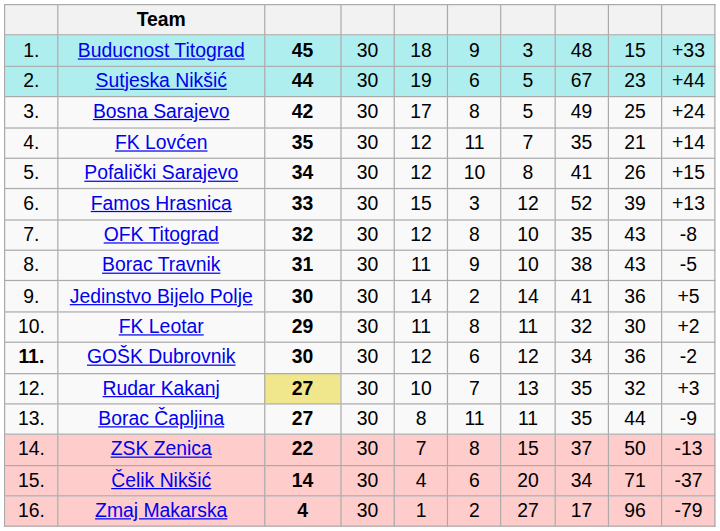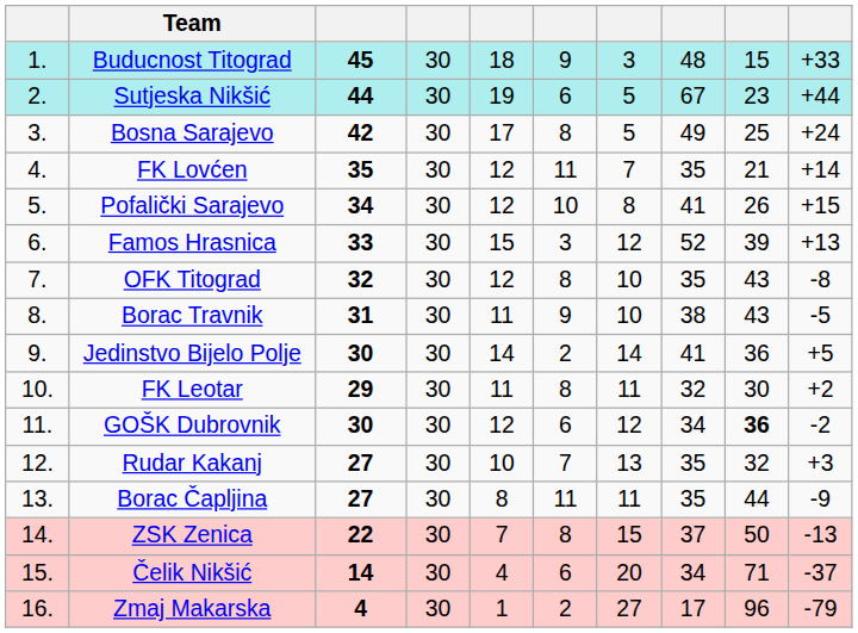 <table class="wikitable sortable" style="text-align: center; font-size: 100%;">
 <tr>
 <th width=7%></th>
 <th width=27%>Team</th>
 <th width=10%></th>
 <th width=7%></th>
 <th width=7%></th>
 <th width=7%></th>
 <th width=7%></th>
 <th width=7%></th>
 <th width=7%></th>
 <th width=7%></th>
 </tr>
 <tr style="background:#AFEEEE;">
 <td>1.</td>
 <td><a href='#'>Buducnost Titograd</a></td>
 <td><strong>45</strong></td>
 <td>30</td>
 <td>18</td>
 <td>9</td>
 <td>3</td>
 <td>48</td>
 <td>15</td>
 <td>+33</td>
 </tr>
 <tr style="background:#AFEEEE;">
 <td>2.</td>
 <td><a href='#'>Sutjeska Nikšić</a></td>
 <td><strong>44</strong></td>
 <td>30</td>
 <td>19</td>
 <td>6</td>
 <td>5</td>
 <td>67</td>
 <td>23</td>
 <td>+44</td>
 </tr>
 <tr>
 <td>3.</td>
 <td><a href='#'>Bosna Sarajevo</a></td>
 <td><strong>42</strong></td>
 <td>30</td>
 <td>17</td>
 <td>8</td>
 <td>5</td>
 <td>49</td>
 <td>25</td>
 <td>+24</td>
 </tr>
 <tr>
 <td>4.</td>
 <td><a href='#'>FK Lovćen</a></td>
 <td><strong>35</strong></td>
 <td>30</td>
 <td>12</td>
 <td>11</td>
 <td>7</td>
 <td>35</td>
 <td>21</td>
 <td>+14</td>
 </tr>
 <tr>
 <td>5.</td>
 <td><a href='#'>Pofalički Sarajevo</a></td>
 <td><strong>34</strong></td>
 <td>30</td>
 <td>12</td>
 <td>10</td>
 <td>8</td>
 <td>41</td>
 <td>26</td>
 <td>+15</td>
 </tr>
 <tr>
 <td>6.</td>
 <td><a href='#'>Famos Hrasnica</a></td>
 <td><strong>33</strong></td>
 <td>30</td>
 <td>15</td>
 <td>3</td>
 <td>12</td>
 <td>52</td>
 <td>39</td>
 <td>+13</td>
 </tr>
 <tr>
 <td>7.</td>
 <td><a href='#'>OFK Titograd</a></td>
 <td><strong>32</strong></td>
 <td>30</td>
 <td>12</td>
 <td>8</td>
 <td>10</td>
 <td>35</td>
 <td>43</td>
 <td>-8</td>
 </tr>
 <tr>
 <td>8.</td>
 <td><a href='#'>Borac Travnik</a></td>
 <td><strong>31</strong></td>
 <td>30</td>
 <td>11</td>
 <td>9</td>
 <td>10</td>
 <td>38</td>
 <td>43</td>
 <td>-5</td>
 </tr>
 <tr>
 <td>9.</td>
 <td><a href='#'>Jedinstvo Bijelo Polje</a></td>
 <td><strong>30</strong></td>
 <td>30</td>
 <td>14</td>
 <td>2</td>
 <td>14</td>
 <td>41</td>
 <td>36</td>
 <td>+5</td>
 </tr>
 <tr>
 <td>10.</td>
 <td><a href='#'>FK Leotar</a></td>
 <td><strong>29</strong></td>
 <td>30</td>
 <td>11</td>
 <td>8</td>
 <td>11</td>
 <td>32</td>
 <td>30</td>
 <td>+2</td>
 </tr>
 <tr>
-<td><strong>11.</strong></td>
+<td>11.</td>
 <td><a href='#'>GOŠK Dubrovnik</a></td>
 <td><strong>30</strong></td>
 <td>30</td>
 <td>12</td>
 <td>6</td>
 <td>12</td>
 <td>34</td>
-<td>36</td>
+<td><strong>36</strong></td>
 <td>-2</td>
 </tr>
 <tr>
 <td>12.</td>
 <td><a href='#'>Rudar Kakanj</a></td>
-<td style="background: khaki;"><strong>27</strong></td>
+<td><strong>27</strong></td>
 <td>30</td>
 <td>10</td>
 <td>7</td>
 <td>13</td>
 <td>35</td>
 <td>32</td>
 <td>+3</td>
 </tr>
 <tr>
 <td>13.</td>
 <td><a href='#'>Borac Čapljina</a></td>
 <td><strong>27</strong></td>
 <td>30</td>
 <td>8</td>
 <td>11</td>
 <td>11</td>
 <td>35</td>
 <td>44</td>
 <td>-9</td>
 </tr>
 <tr style="background-color:#FFCCCC;">
 <td>14.</td>
 <td><a href='#'>ZSK Zenica</a></td>
 <td><strong>22</strong></td>
 <td>30</td>
 <td>7</td>
 <td>8</td>
 <td>15</td>
 <td>37</td>
 <td>50</td>
 <td>-13</td>
 </tr>
 <tr style="background-color:#FFCCCC;">
 <td>15.</td>
 <td><a href='#'>Čelik Nikšić</a></td>
 <td><strong>14</strong></td>
 <td>30</td>
 <td>4</td>
 <td>6</td>
 <td>20</td>
 <td>34</td>
 <td>71</td>
 <td>-37</td>
 </tr>
 <tr style="background-color:#FFCCCC;">
 <td>16.</td>
 <td><a href='#'>Zmaj Makarska</a></td>
 <td><strong>4</strong></td>
 <td>30</td>
 <td>1</td>
 <td>2</td>
 <td>27</td>
 <td>17</td>
 <td>96</td>
 <td>-79</td>
 </tr>
 </table>
